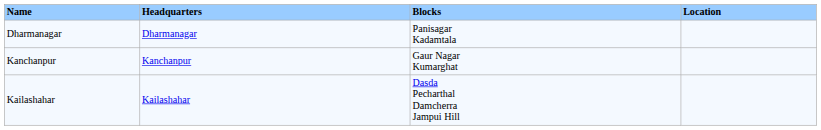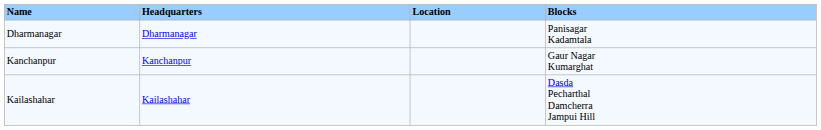 <table class="wikitable sortable" width=65% style="border:1px solid black">
 <tr bgcolor=#99ccff>
 <td width="10%"><strong>Name</strong></td>
 <td width="20%"><strong>Headquarters</strong></td>
+<td width="10%"><strong>Location</strong></td>
 <td width="20%"><strong>Blocks</strong></td>
-<td width="10%"><strong>Location</strong></td>
 </tr>
 <tr bgcolor=#F4F9FF>
 <td>Dharmanagar</td>
 <td><a href='#'>Dharmanagar</a></td>
+<td></td>
 <td>Panisagar <br> Kadamtala</td>
-<td></td>
 </tr>
 <tr bgcolor=#F4F9FF>
 <td>Kanchanpur</td>
 <td><a href='#'>Kanchanpur</a></td>
+<td></td>
 <td>Gaur Nagar <br> Kumarghat</td>
-<td></td>
 </tr>
 <tr bgcolor=#F4F9FF>
 <td>Kailashahar</td>
 <td><a href='#'>Kailashahar</a></td>
+<td></td>
 <td><a href='#'>Dasda</a> <br> Pecharthal<br> Damcherra <br> Jampui Hill</td>
-<td></td>
 </tr>
 </table>
